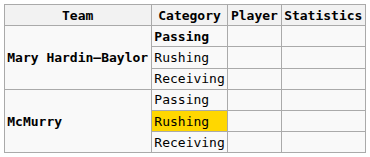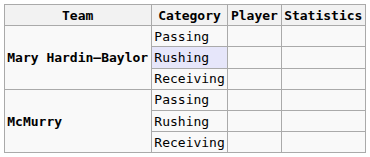 <table class="wikitable" style="float: right;">
 <tr>
 <th>Team</th>
 <th>Category</th>
 <th>Player</th>
 <th>Statistics</th>
 </tr>
 <tr>
 <td rowspan=3><strong>Mary Hardin–Baylor</strong></td>
-<td><strong>Passing</strong></td>
+<td>Passing</td>
 <td></td>
 <td></td>
 </tr>
 <tr>
-<td>Rushing</td>
+<td style="background: lavender;">Rushing</td>
 <td></td>
 <td></td>
 </tr>
 <tr>
 <td>Receiving</td>
 <td></td>
 <td></td>
 </tr>
 <tr>
 <td rowspan=3><strong>McMurry</strong></td>
 <td>Passing</td>
 <td></td>
 <td></td>
 </tr>
 <tr>
-<td style="background: gold;">Rushing</td>
+<td>Rushing</td>
 <td></td>
 <td></td>
 </tr>
 <tr>
 <td>Receiving</td>
 <td></td>
 <td></td>
 </tr>
 </table>
